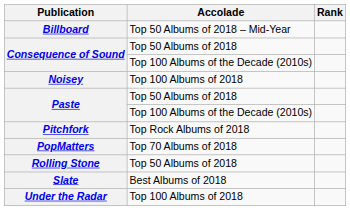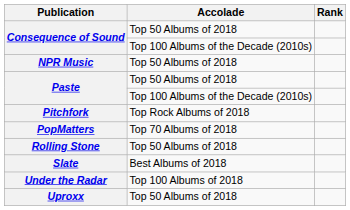 <table class="wikitable sortable plainrowheaders">
 <tr>
 <th scope="col">Publication</th>
 <th scope="col">Accolade</th>
 <th scope="col">Rank</th>
-</tr>
-<tr>
-<th scope="row"><em><a href='#'>Billboard</a></em></th>
-<td>Top 50 Albums of 2018 – Mid-Year</td>
-<td></td>
 </tr>
 <tr>
 <th rowspan=2 scope="row"><em><a href='#'>Consequence of Sound</a></em></th>
 <td>Top 50 Albums of 2018</td>
 <td></td>
 </tr>
 <tr>
 <td>Top 100 Albums of the Decade (2010s)</td>
 <td></td>
 </tr>
 <tr>
-<th scope="row"><em><a href='#'>Noisey</a></em></th>
-<td>Top 100 Albums of 2018</td>
+<th scope="row"><em><a href='#'>NPR Music</a></em></th>
+<td>Top 50 Albums of 2018</td>
 <td></td>
 </tr>
 <tr>
 <th rowspan=2 scope="row"><em><a href='#'>Paste</a></em></th>
 <td>Top 50 Albums of 2018</td>
 <td></td>
 </tr>
 <tr>
 <td>Top 100 Albums of the Decade (2010s)</td>
 <td></td>
 </tr>
 <tr>
 <th scope="row"><em><a href='#'>Pitchfork</a></em></th>
 <td>Top Rock Albums of 2018</td>
 <td></td>
 </tr>
 <tr>
 <th scope="row"><em><a href='#'>PopMatters</a></em></th>
 <td>Top 70 Albums of 2018</td>
 <td></td>
 </tr>
 <tr>
 <th scope="row"><em><a href='#'>Rolling Stone</a></em></th>
 <td>Top 50 Albums of 2018</td>
 <td></td>
 </tr>
 <tr>
 <th scope="row"><em><a href='#'>Slate</a></em></th>
 <td>Best Albums of 2018</td>
 <td></td>
 </tr>
 <tr>
 <th scope="row"><em><a href='#'>Under the Radar</a></em></th>
 <td>Top 100 Albums of 2018</td>
 <td></td>
 </tr>
+<tr>
+<th scope="row"><em><a href='#'>Uproxx</a></em></th>
+<td>Top 50 Albums of 2018</td>
+<td></td>
+</tr>
 </table>
